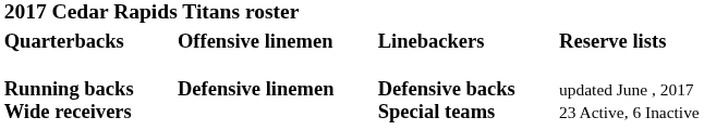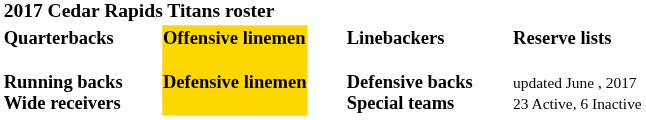 <table class="toccolours" style="text-align: left;">
 <tr>
 <th colspan="7"><strong>2017 Cedar Rapids Titans roster</strong></th>
 </tr>
 <tr>
 <td style="font-size: 95%;vertical-align:top;"><strong>Quarterbacks</strong><br> <br><strong>Running backs</strong>  <br><strong>Wide receivers</strong>    </td>
 <td style="width: 25px;"></td>
-<td style="font-size: 95%;vertical-align:top;"><strong>Offensive linemen</strong><br>   <br><strong>Defensive linemen</strong>   </td>
+<td style="background: gold; font-size: 95%;vertical-align:top;"><strong>Offensive linemen</strong><br>   <br><strong>Defensive linemen</strong>   </td>
 <td style="width: 25px;"></td>
 <td style="font-size: 95%;vertical-align:top;"><strong>Linebackers</strong><br><br><strong>Defensive backs</strong>       <br><strong>Special teams</strong> </td>
 <td style="width: 25px;"></td>
 <td style="font-size: 95%;vertical-align:top;"><strong>Reserve lists</strong><br>     <br><small><span></span> updated June , 2017<br> 23 Active, 6 Inactive</small></td>
 </tr>
 <tr>
 </tr>
 </table>
